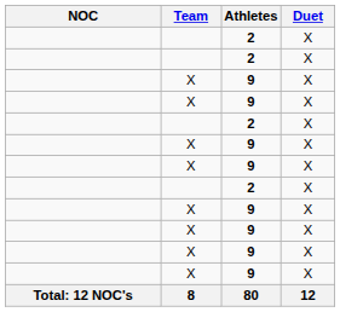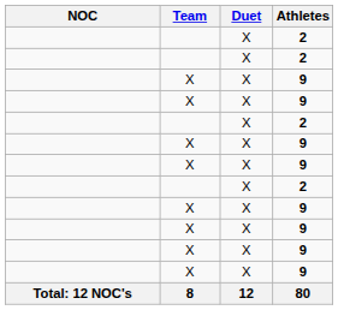 <table class="wikitable sortable" width=350 style="text-align:center; font-size:90%">
 <tr>
 <th>NOC</th>
 <th><a href='#'>Team</a></th>
+<th><a href='#'>Duet</a></th>
 <th width=55>Athletes</th>
-<th><a href='#'>Duet</a></th>
 </tr>
 <tr>
 <td align=left></td>
 <td></td>
+<td>X</td>
 <td><strong>2</strong></td>
-<td>X</td>
 </tr>
 <tr>
 <td align=left></td>
 <td></td>
+<td>X</td>
 <td><strong>2</strong></td>
-<td>X</td>
 </tr>
 <tr>
 <td align=left></td>
 <td>X</td>
+<td>X</td>
 <td><strong>9</strong></td>
-<td>X</td>
 </tr>
 <tr>
 <td align=left></td>
 <td>X</td>
+<td>X</td>
 <td><strong>9</strong></td>
-<td>X</td>
 </tr>
 <tr>
 <td align=left></td>
 <td></td>
+<td>X</td>
 <td><strong>2</strong></td>
-<td>X</td>
 </tr>
 <tr>
 <td align=left></td>
 <td>X</td>
+<td>X</td>
 <td><strong>9</strong></td>
-<td>X</td>
 </tr>
 <tr>
 <td align=left></td>
 <td>X</td>
+<td>X</td>
 <td><strong>9</strong></td>
-<td>X</td>
 </tr>
 <tr>
 <td align=left></td>
 <td></td>
+<td>X</td>
 <td><strong>2</strong></td>
-<td>X</td>
 </tr>
 <tr>
 <td align=left></td>
 <td>X</td>
+<td>X</td>
 <td><strong>9</strong></td>
-<td>X</td>
 </tr>
 <tr>
 <td align=left></td>
 <td>X</td>
+<td>X</td>
 <td><strong>9</strong></td>
-<td>X</td>
 </tr>
 <tr>
 <td align=left></td>
 <td>X</td>
+<td>X</td>
 <td><strong>9</strong></td>
-<td>X</td>
 </tr>
 <tr>
 <td align=left></td>
 <td>X</td>
+<td>X</td>
 <td><strong>9</strong></td>
-<td>X</td>
 </tr>
 <tr>
 <th>Total: 12 NOC's</th>
 <th>8</th>
+<th>12</th>
 <th>80</th>
-<th>12</th>
 </tr>
 </table>
